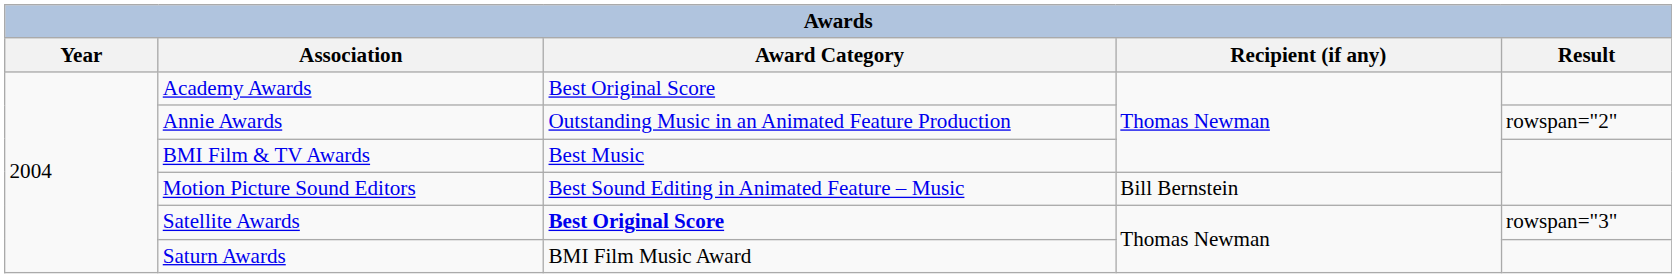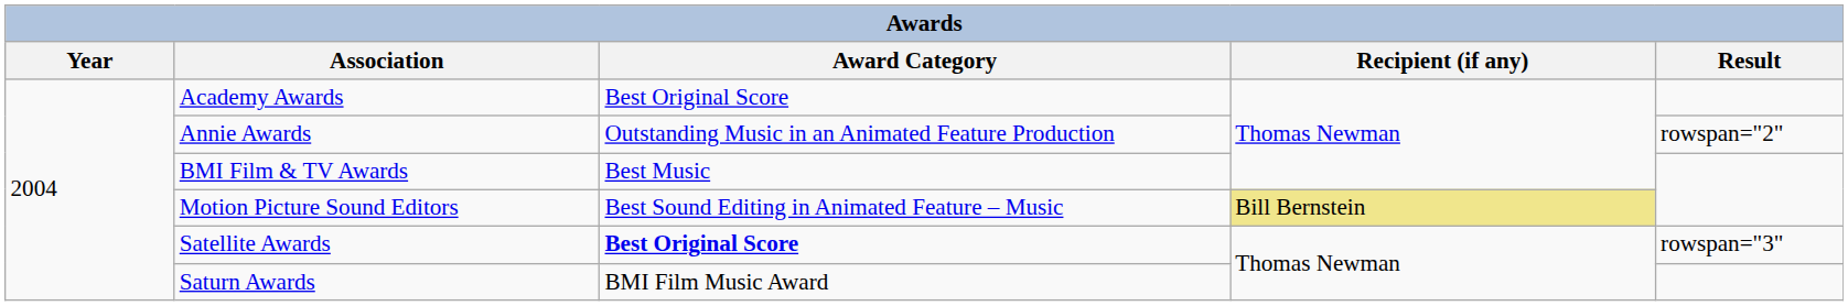 <table class="wikitable sortable" style="width:100%;">
 <tr>
 <th colspan="5" style="background: LightSteelBlue;">Awards</th>
 </tr>
 <tr style="background:#ccc; text-align:center;">
 <th width="75"><strong>Year</strong></th>
 <th width="200"><strong>Association</strong></th>
 <th width="300"><strong>Award Category</strong></th>
 <th width="200"><strong>Recipient (if any)</strong></th>
 <th width="80"><strong>Result</strong></th>
 </tr>
 <tr>
 <td rowspan="6">2004</td>
 <td><a href='#'>Academy Awards</a></td>
 <td><a href='#'>Best Original Score</a></td>
 <td rowspan="3"><a href='#'>Thomas Newman</a></td>
 <td></td>
 </tr>
 <tr>
 <td><a href='#'>Annie Awards</a></td>
 <td><a href='#'>Outstanding Music in an Animated Feature Production</a></td>
 <td>rowspan="2" </td>
 </tr>
 <tr>
 <td><a href='#'>BMI Film & TV Awards</a></td>
 <td><a href='#'>Best Music</a></td>
 </tr>
 <tr>
 <td><a href='#'>Motion Picture Sound Editors</a></td>
 <td><a href='#'>Best Sound Editing in Animated Feature – Music</a></td>
-<td>Bill Bernstein</td>
+<td style="background: khaki;">Bill Bernstein</td>
 </tr>
 <tr>
 <td><a href='#'>Satellite Awards</a></td>
 <td><strong><a href='#'>Best Original Score</a></strong></td>
 <td rowspan="2">Thomas Newman</td>
 <td>rowspan="3" </td>
 </tr>
 <tr>
 <td><a href='#'>Saturn Awards</a></td>
 <td>BMI Film Music Award</td>
 </tr>
 </table>
